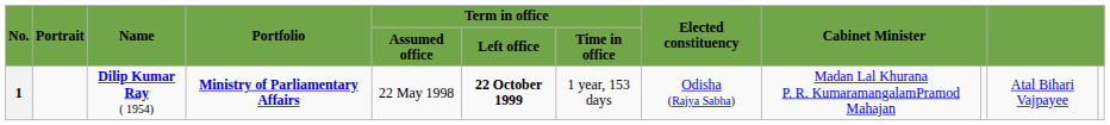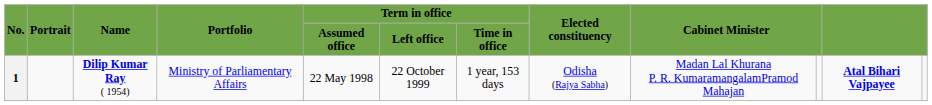 <table class="wikitable sortable" style="text-align:center;">
 <tr>
 <th rowspan=2 style="background-color:#70A548;color:black">No.</th>
 <th rowspan=2 style="background-color:#70A548;color:black">Portrait</th>
 <th rowspan=2 style="background-color:#70A548;color:black">Name<br></th>
 <th rowspan=2 style="background-color:#70A548;color:black">Portfolio</th>
 <th colspan=3 style="background-color:#70A548;color:black">Term in office</th>
 <th rowspan=2 style="background-color:#70A548;color:black">Elected constituency<br></th>
 <th rowspan=2 colspan=2 style="background-color:#70A548;color:black">Cabinet Minister</th>
 <th rowspan=2 colspan=2 style="background-color:#70A548;color:black"><a href='#'></a></th>
 </tr>
 <tr>
 <th style="background-color:#70A548;color:black">Assumed office</th>
 <th style="background-color:#70A548;color:black">Left office</th>
 <th style="background-color:#70A548;color:black">Time in office</th>
 </tr>
 <tr>
 <th>1</th>
 <td></td>
 <td><strong><a href='#'>Dilip Kumar Ray</a></strong><br><small>( 1954)</small></td>
-<td><strong><a href='#'>Ministry of Parliamentary Affairs</a></strong></td>
+<td><a href='#'>Ministry of Parliamentary Affairs</a></td>
 <td>22 May 1998</td>
-<td><strong>22 October 1999</strong></td>
+<td>22 October 1999</td>
 <td>1 year, 153 days</td>
 <td><a href='#'>Odisha</a><br><small>(<a href='#'>Rajya Sabha</a>)</small></td>
 <td><a href='#'>Madan Lal Khurana</a><br><a href='#'>P. R. Kumaramangalam</a><a href='#'>Pramod Mahajan</a></td>
 <td></td>
-<td><a href='#'>Atal Bihari Vajpayee</a></td>
+<td><strong><a href='#'>Atal Bihari Vajpayee</a></strong></td>
 <td></td>
 </tr>
 </table>
